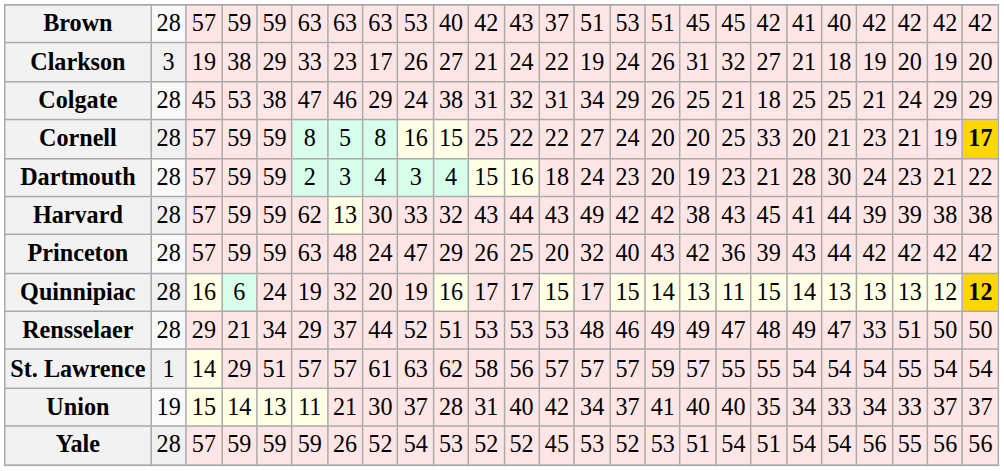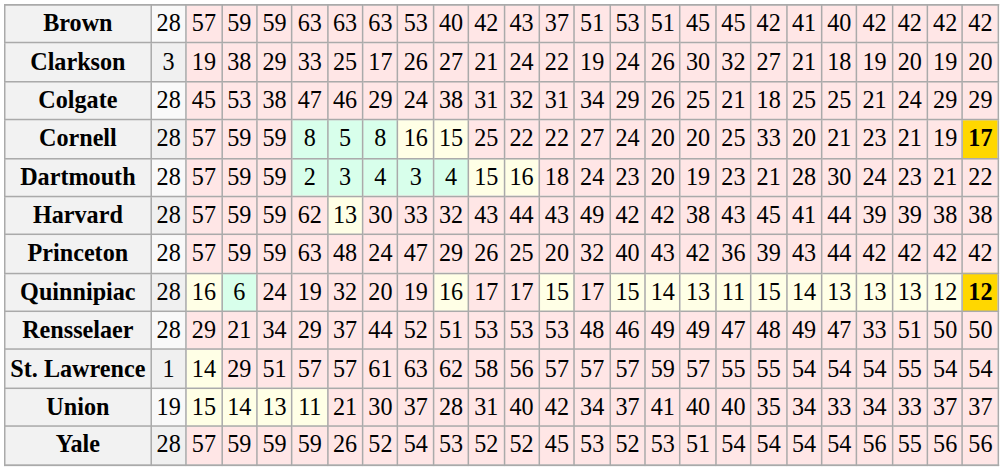 <table class="wikitable sortable" style="text-align: center;">
 <tr>
 </tr>
 <tr>
 <th>Brown</th>
 <td>28</td>
 <td bgcolor=FFE6E6>57</td>
 <td bgcolor=FFE6E6>59</td>
 <td bgcolor=FFE6E6>59</td>
 <td bgcolor=FFE6E6>63</td>
 <td bgcolor=FFE6E6>63</td>
 <td bgcolor=FFE6E6>63</td>
 <td bgcolor=FFE6E6>53</td>
 <td bgcolor=FFE6E6>40</td>
 <td bgcolor=FFE6E6>42</td>
 <td bgcolor=FFE6E6>43</td>
 <td bgcolor=FFE6E6>37</td>
 <td bgcolor=FFE6E6>51</td>
 <td bgcolor=FFE6E6>53</td>
 <td bgcolor=FFE6E6>51</td>
 <td bgcolor=FFE6E6>45</td>
 <td bgcolor=FFE6E6>45</td>
 <td bgcolor=FFE6E6>42</td>
 <td bgcolor=FFE6E6>41</td>
 <td bgcolor=FFE6E6>40</td>
 <td bgcolor=FFE6E6>42</td>
 <td bgcolor=FFE6E6>42</td>
 <td bgcolor=FFE6E6>42</td>
 <td bgcolor=FFE6E6>42</td>
 </tr>
 <tr bgcolor=f0f0f0>
 <th>Clarkson</th>
 <td>3</td>
 <td bgcolor=FFE6E6>19</td>
 <td bgcolor=FFE6E6>38</td>
 <td bgcolor=FFE6E6>29</td>
 <td bgcolor=FFE6E6>33</td>
-<td bgcolor=FFE6E6>23</td>
+<td bgcolor=FFE6E6>25</td>
 <td bgcolor=FFE6E6>17</td>
 <td bgcolor=FFE6E6>26</td>
 <td bgcolor=FFE6E6>27</td>
 <td bgcolor=FFE6E6>21</td>
 <td bgcolor=FFE6E6>24</td>
 <td bgcolor=FFE6E6>22</td>
 <td bgcolor=FFE6E6>19</td>
 <td bgcolor=FFE6E6>24</td>
 <td bgcolor=FFE6E6>26</td>
-<td bgcolor=FFE6E6>31</td>
+<td bgcolor=FFE6E6>30</td>
 <td bgcolor=FFE6E6>32</td>
 <td bgcolor=FFE6E6>27</td>
 <td bgcolor=FFE6E6>21</td>
 <td bgcolor=FFE6E6>18</td>
 <td bgcolor=FFE6E6>19</td>
 <td bgcolor=FFE6E6>20</td>
 <td bgcolor=FFE6E6>19</td>
 <td bgcolor=FFE6E6>20</td>
 </tr>
 <tr>
 <th>Colgate</th>
 <td>28</td>
 <td bgcolor=FFE6E6>45</td>
 <td bgcolor=FFE6E6>53</td>
 <td bgcolor=FFE6E6>38</td>
 <td bgcolor=FFE6E6>47</td>
 <td bgcolor=FFE6E6>46</td>
 <td bgcolor=FFE6E6>29</td>
 <td bgcolor=FFE6E6>24</td>
 <td bgcolor=FFE6E6>38</td>
 <td bgcolor=FFE6E6>31</td>
 <td bgcolor=FFE6E6>32</td>
 <td bgcolor=FFE6E6>31</td>
 <td bgcolor=FFE6E6>34</td>
 <td bgcolor=FFE6E6>29</td>
 <td bgcolor=FFE6E6>26</td>
 <td bgcolor=FFE6E6>25</td>
 <td bgcolor=FFE6E6>21</td>
 <td bgcolor=FFE6E6>18</td>
 <td bgcolor=FFE6E6>25</td>
 <td bgcolor=FFE6E6>25</td>
 <td bgcolor=FFE6E6>21</td>
 <td bgcolor=FFE6E6>24</td>
 <td bgcolor=FFE6E6>29</td>
 <td bgcolor=FFE6E6>29</td>
 </tr>
 <tr bgcolor=f0f0f0>
 <th>Cornell</th>
 <td>28</td>
 <td bgcolor=FFE6E6>57</td>
 <td bgcolor=FFE6E6>59</td>
 <td bgcolor=FFE6E6>59</td>
 <td bgcolor=D8FFEB>8</td>
 <td bgcolor=D8FFEB>5</td>
 <td bgcolor=D8FFEB>8</td>
 <td bgcolor=FFFFE6>16</td>
 <td bgcolor=FFFFE6>15</td>
 <td bgcolor=FFE6E6>25</td>
 <td bgcolor=FFE6E6>22</td>
 <td bgcolor=FFE6E6>22</td>
 <td bgcolor=FFE6E6>27</td>
 <td bgcolor=FFE6E6>24</td>
 <td bgcolor=FFE6E6>20</td>
 <td bgcolor=FFE6E6>20</td>
 <td bgcolor=FFE6E6>25</td>
 <td bgcolor=FFE6E6>33</td>
 <td bgcolor=FFE6E6>20</td>
 <td bgcolor=FFE6E6>21</td>
 <td bgcolor=FFE6E6>23</td>
 <td bgcolor=FFE6E6>21</td>
 <td bgcolor=FFE6E6>19</td>
 <td bgcolor=gold><strong>17</strong></td>
 </tr>
 <tr>
 <th>Dartmouth</th>
 <td>28</td>
 <td bgcolor=FFE6E6>57</td>
 <td bgcolor=FFE6E6>59</td>
 <td bgcolor=FFE6E6>59</td>
 <td bgcolor=D8FFEB>2</td>
 <td bgcolor=D8FFEB>3</td>
 <td bgcolor=D8FFEB>4</td>
 <td bgcolor=D8FFEB>3</td>
 <td bgcolor=D8FFEB>4</td>
 <td bgcolor=FFFFE6>15</td>
 <td bgcolor=FFFFE6>16</td>
 <td bgcolor=FFE6E6>18</td>
 <td bgcolor=FFE6E6>24</td>
 <td bgcolor=FFE6E6>23</td>
 <td bgcolor=FFE6E6>20</td>
 <td bgcolor=FFE6E6>19</td>
 <td bgcolor=FFE6E6>23</td>
 <td bgcolor=FFE6E6>21</td>
 <td bgcolor=FFE6E6>28</td>
 <td bgcolor=FFE6E6>30</td>
 <td bgcolor=FFE6E6>24</td>
 <td bgcolor=FFE6E6>23</td>
 <td bgcolor=FFE6E6>21</td>
 <td bgcolor=FFE6E6>22</td>
 </tr>
 <tr bgcolor=f0f0f0>
 <th>Harvard</th>
 <td>28</td>
 <td bgcolor=FFE6E6>57</td>
 <td bgcolor=FFE6E6>59</td>
 <td bgcolor=FFE6E6>59</td>
 <td bgcolor=FFE6E6>62</td>
 <td bgcolor=FFFFE6>13</td>
 <td bgcolor=FFE6E6>30</td>
 <td bgcolor=FFE6E6>33</td>
 <td bgcolor=FFE6E6>32</td>
 <td bgcolor=FFE6E6>43</td>
 <td bgcolor=FFE6E6>44</td>
 <td bgcolor=FFE6E6>43</td>
 <td bgcolor=FFE6E6>49</td>
 <td bgcolor=FFE6E6>42</td>
 <td bgcolor=FFE6E6>42</td>
 <td bgcolor=FFE6E6>38</td>
 <td bgcolor=FFE6E6>43</td>
 <td bgcolor=FFE6E6>45</td>
 <td bgcolor=FFE6E6>41</td>
 <td bgcolor=FFE6E6>44</td>
 <td bgcolor=FFE6E6>39</td>
 <td bgcolor=FFE6E6>39</td>
 <td bgcolor=FFE6E6>38</td>
 <td bgcolor=FFE6E6>38</td>
 </tr>
 <tr>
 <th>Princeton</th>
 <td>28</td>
 <td bgcolor=FFE6E6>57</td>
 <td bgcolor=FFE6E6>59</td>
 <td bgcolor=FFE6E6>59</td>
 <td bgcolor=FFE6E6>63</td>
 <td bgcolor=FFE6E6>48</td>
 <td bgcolor=FFE6E6>24</td>
 <td bgcolor=FFE6E6>47</td>
 <td bgcolor=FFE6E6>29</td>
 <td bgcolor=FFE6E6>26</td>
 <td bgcolor=FFE6E6>25</td>
 <td bgcolor=FFE6E6>20</td>
 <td bgcolor=FFE6E6>32</td>
 <td bgcolor=FFE6E6>40</td>
 <td bgcolor=FFE6E6>43</td>
 <td bgcolor=FFE6E6>42</td>
 <td bgcolor=FFE6E6>36</td>
 <td bgcolor=FFE6E6>39</td>
 <td bgcolor=FFE6E6>43</td>
 <td bgcolor=FFE6E6>44</td>
 <td bgcolor=FFE6E6>42</td>
 <td bgcolor=FFE6E6>42</td>
 <td bgcolor=FFE6E6>42</td>
 <td bgcolor=FFE6E6>42</td>
 </tr>
 <tr bgcolor=f0f0f0>
 <th>Quinnipiac</th>
 <td>28</td>
 <td bgcolor=FFFFE6>16</td>
 <td bgcolor=D8FFEB>6</td>
 <td bgcolor=FFE6E6>24</td>
 <td bgcolor=FFE6E6>19</td>
 <td bgcolor=FFE6E6>32</td>
 <td bgcolor=FFE6E6>20</td>
 <td bgcolor=FFE6E6>19</td>
 <td bgcolor=FFFFE6>16</td>
 <td bgcolor=FFE6E6>17</td>
 <td bgcolor=FFE6E6>17</td>
 <td bgcolor=FFFFE6>15</td>
 <td bgcolor=FFE6E6>17</td>
 <td bgcolor=FFFFE6>15</td>
 <td bgcolor=FFFFE6>14</td>
 <td bgcolor=FFFFE6>13</td>
 <td bgcolor=FFFFE6>11</td>
 <td bgcolor=FFFFE6>15</td>
 <td bgcolor=FFFFE6>14</td>
 <td bgcolor=FFFFE6>13</td>
 <td bgcolor=FFFFE6>13</td>
 <td bgcolor=FFFFE6>13</td>
 <td bgcolor=FFFFE6>12</td>
 <td bgcolor=gold><strong>12</strong></td>
 </tr>
 <tr>
 <th>Rensselaer</th>
 <td>28</td>
 <td bgcolor=FFE6E6>29</td>
 <td bgcolor=FFE6E6>21</td>
 <td bgcolor=FFE6E6>34</td>
 <td bgcolor=FFE6E6>29</td>
 <td bgcolor=FFE6E6>37</td>
 <td bgcolor=FFE6E6>44</td>
 <td bgcolor=FFE6E6>52</td>
 <td bgcolor=FFE6E6>51</td>
 <td bgcolor=FFE6E6>53</td>
 <td bgcolor=FFE6E6>53</td>
 <td bgcolor=FFE6E6>53</td>
 <td bgcolor=FFE6E6>48</td>
 <td bgcolor=FFE6E6>46</td>
 <td bgcolor=FFE6E6>49</td>
 <td bgcolor=FFE6E6>49</td>
 <td bgcolor=FFE6E6>47</td>
 <td bgcolor=FFE6E6>48</td>
 <td bgcolor=FFE6E6>49</td>
 <td bgcolor=FFE6E6>47</td>
 <td bgcolor=FFE6E6>33</td>
 <td bgcolor=FFE6E6>51</td>
 <td bgcolor=FFE6E6>50</td>
 <td bgcolor=FFE6E6>50</td>
 </tr>
 <tr bgcolor=f0f0f0>
 <th>St. Lawrence</th>
 <td>1</td>
 <td bgcolor=FFFFE6>14</td>
 <td bgcolor=FFE6E6>29</td>
 <td bgcolor=FFE6E6>51</td>
 <td bgcolor=FFE6E6>57</td>
 <td bgcolor=FFE6E6>57</td>
 <td bgcolor=FFE6E6>61</td>
 <td bgcolor=FFE6E6>63</td>
 <td bgcolor=FFE6E6>62</td>
 <td bgcolor=FFE6E6>58</td>
 <td bgcolor=FFE6E6>56</td>
 <td bgcolor=FFE6E6>57</td>
 <td bgcolor=FFE6E6>57</td>
 <td bgcolor=FFE6E6>57</td>
 <td bgcolor=FFE6E6>59</td>
 <td bgcolor=FFE6E6>57</td>
 <td bgcolor=FFE6E6>55</td>
 <td bgcolor=FFE6E6>55</td>
 <td bgcolor=FFE6E6>54</td>
 <td bgcolor=FFE6E6>54</td>
 <td bgcolor=FFE6E6>54</td>
 <td bgcolor=FFE6E6>55</td>
 <td bgcolor=FFE6E6>54</td>
 <td bgcolor=FFE6E6>54</td>
 </tr>
 <tr>
 <th>Union</th>
 <td>19</td>
 <td bgcolor=FFFFE6>15</td>
 <td bgcolor=FFFFE6>14</td>
 <td bgcolor=FFFFE6>13</td>
 <td bgcolor=FFFFE6>11</td>
 <td bgcolor=FFE6E6>21</td>
 <td bgcolor=FFE6E6>30</td>
 <td bgcolor=FFE6E6>37</td>
 <td bgcolor=FFE6E6>28</td>
 <td bgcolor=FFE6E6>31</td>
 <td bgcolor=FFE6E6>40</td>
 <td bgcolor=FFE6E6>42</td>
 <td bgcolor=FFE6E6>34</td>
 <td bgcolor=FFE6E6>37</td>
 <td bgcolor=FFE6E6>41</td>
 <td bgcolor=FFE6E6>40</td>
 <td bgcolor=FFE6E6>40</td>
 <td bgcolor=FFE6E6>35</td>
 <td bgcolor=FFE6E6>34</td>
 <td bgcolor=FFE6E6>33</td>
 <td bgcolor=FFE6E6>34</td>
 <td bgcolor=FFE6E6>33</td>
 <td bgcolor=FFE6E6>37</td>
 <td bgcolor=FFE6E6>37</td>
 </tr>
 <tr bgcolor=f0f0f0>
 <th>Yale</th>
 <td>28</td>
 <td bgcolor=FFE6E6>57</td>
 <td bgcolor=FFE6E6>59</td>
 <td bgcolor=FFE6E6>59</td>
 <td bgcolor=FFE6E6>59</td>
 <td bgcolor=FFE6E6>26</td>
 <td bgcolor=FFE6E6>52</td>
 <td bgcolor=FFE6E6>54</td>
 <td bgcolor=FFE6E6>53</td>
 <td bgcolor=FFE6E6>52</td>
 <td bgcolor=FFE6E6>52</td>
 <td bgcolor=FFE6E6>45</td>
 <td bgcolor=FFE6E6>53</td>
 <td bgcolor=FFE6E6>52</td>
 <td bgcolor=FFE6E6>53</td>
 <td bgcolor=FFE6E6>51</td>
 <td bgcolor=FFE6E6>54</td>
-<td bgcolor=FFE6E6>51</td>
+<td bgcolor=FFE6E6>54</td>
 <td bgcolor=FFE6E6>54</td>
 <td bgcolor=FFE6E6>54</td>
 <td bgcolor=FFE6E6>56</td>
 <td bgcolor=FFE6E6>55</td>
 <td bgcolor=FFE6E6>56</td>
 <td bgcolor=FFE6E6>56</td>
 </tr>
 <tr>
 </tr>
 </table>
